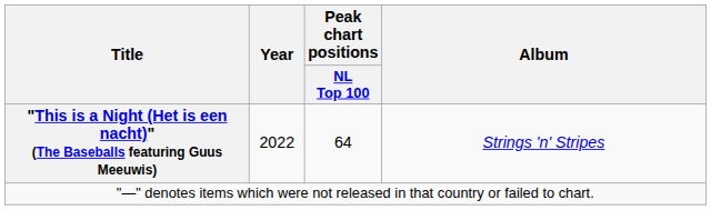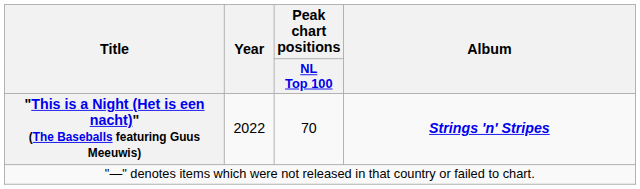 <table class="wikitable plainrowheaders" style="text-align:center;" border="1">
 <tr>
 <th scope="col" rowspan="2" style="width:15em;">Title</th>
 <th scope="col" rowspan="2" style="width:3em;">Year</th>
 <th scope="col" colspan="1">Peak chart positions</th>
 <th scope="col" rowspan="2" style="width:20em;">Album</th>
 </tr>
 <tr>
 <th scope="col" style="width:4.5em;font-size:90%;"><a href='#'>NL<br>Top 100</a><br></th>
 </tr>
 <tr>
 <th scope="row">"<a href='#'>This is a Night (Het is een nacht)</a>"<br><small>(<a href='#'>The Baseballs</a> featuring Guus Meeuwis)</small></th>
 <td rowspan="1">2022</td>
-<td>64</td>
-<td rowspan="1"><em><a href='#'>Strings 'n' Stripes</a></em></td>
+<td>70</td>
+<td rowspan="1"><strong><em><a href='#'>Strings 'n' Stripes</a></em></strong></td>
 </tr>
 <tr>
 <td colspan="7" align="center" style="font-size:90%;">"—" denotes items which were not released in that country or failed to chart.</td>
 </tr>
 </table>
